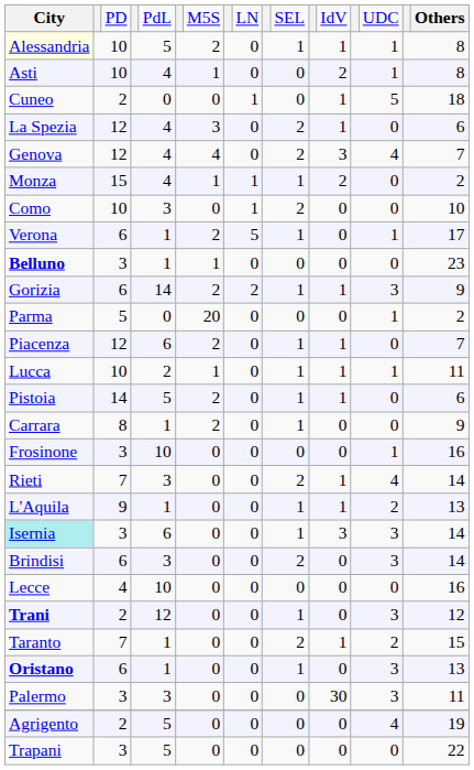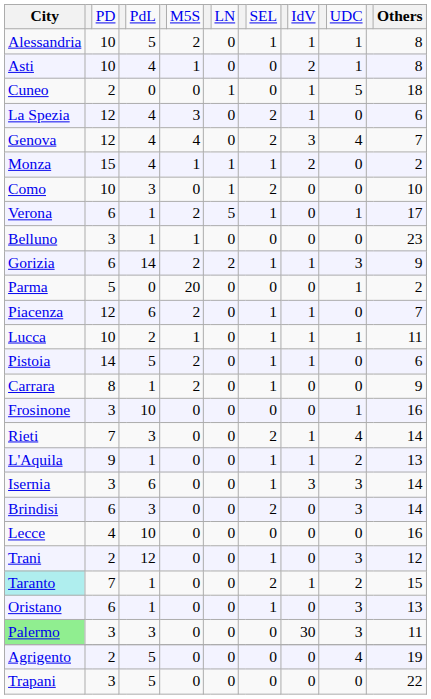 <table class="wikitable" style="text-align:right; padding-left:1em">
 <tr>
 <th align="left">City</th>
 <th style="background-color: "></th>
 <td><a href='#'>PD</a></td>
 <th style="background-color: "></th>
 <td><a href='#'>PdL</a></td>
 <th style="background-color: "></th>
 <td><a href='#'>M5S</a></td>
 <th style="background-color: "></th>
 <td><a href='#'>LN</a></td>
 <th style="background-color: "></th>
 <td><a href='#'>SEL</a></td>
 <th style="background-color: "></th>
 <td><a href='#'>IdV</a></td>
 <th style="background-color: "></th>
 <td><a href='#'>UDC</a></td>
 <th style="background-color: "></th>
 <th>Others</th>
 </tr>
 <tr>
-<td align=left style="background: lightyellow;"><a href='#'>Alessandria</a></td>
+<td align=left><a href='#'>Alessandria</a></td>
 <td colspan=2>10</td>
 <td colspan=2>5</td>
 <td colspan=2>2</td>
 <td colspan=2>0</td>
 <td colspan=2>1</td>
 <td colspan=2>1</td>
 <td colspan=2>1</td>
 <td colspan=2>8</td>
 </tr>
 <tr bgcolor=F3F3FF>
 <td align=left><a href='#'>Asti</a></td>
 <td colspan=2>10</td>
 <td colspan=2>4</td>
 <td colspan=2>1</td>
 <td colspan=2>0</td>
 <td colspan=2>0</td>
 <td colspan=2>2</td>
 <td colspan=2>1</td>
 <td colspan=2>8</td>
 </tr>
 <tr>
 <td align=left><a href='#'>Cuneo</a></td>
 <td colspan=2>2</td>
 <td colspan=2>0</td>
 <td colspan=2>0</td>
 <td colspan=2>1</td>
 <td colspan=2>0</td>
 <td colspan=2>1</td>
 <td colspan=2>5</td>
 <td colspan=2>18</td>
 </tr>
 <tr bgcolor=F3F3FF>
 <td align=left><a href='#'>La Spezia</a></td>
 <td colspan=2>12</td>
 <td colspan=2>4</td>
 <td colspan=2>3</td>
 <td colspan=2>0</td>
 <td colspan=2>2</td>
 <td colspan=2>1</td>
 <td colspan=2>0</td>
 <td colspan=2>6</td>
 </tr>
 <tr>
 <td align=left><a href='#'>Genova</a></td>
 <td colspan=2>12</td>
 <td colspan=2>4</td>
 <td colspan=2>4</td>
 <td colspan=2>0</td>
 <td colspan=2>2</td>
 <td colspan=2>3</td>
 <td colspan=2>4</td>
 <td colspan=2>7</td>
 </tr>
 <tr bgcolor=F3F3FF>
 <td align=left><a href='#'>Monza</a></td>
 <td colspan=2>15</td>
 <td colspan=2>4</td>
 <td colspan=2>1</td>
 <td colspan=2>1</td>
 <td colspan=2>1</td>
 <td colspan=2>2</td>
 <td colspan=2>0</td>
 <td colspan=2>2</td>
 </tr>
 <tr>
 <td align=left><a href='#'>Como</a></td>
 <td colspan=2>10</td>
 <td colspan=2>3</td>
 <td colspan=2>0</td>
 <td colspan=2>1</td>
 <td colspan=2>2</td>
 <td colspan=2>0</td>
 <td colspan=2>0</td>
 <td colspan=2>10</td>
 </tr>
 <tr bgcolor=F3F3FF>
 <td align=left><a href='#'>Verona</a></td>
 <td colspan=2>6</td>
 <td colspan=2>1</td>
 <td colspan=2>2</td>
 <td colspan=2>5</td>
 <td colspan=2>1</td>
 <td colspan=2>0</td>
 <td colspan=2>1</td>
 <td colspan=2>17</td>
 </tr>
 <tr>
-<td align=left><strong><a href='#'>Belluno</a></strong></td>
+<td align=left><a href='#'>Belluno</a></td>
 <td colspan=2>3</td>
 <td colspan=2>1</td>
 <td colspan=2>1</td>
 <td colspan=2>0</td>
 <td colspan=2>0</td>
 <td colspan=2>0</td>
 <td colspan=2>0</td>
 <td colspan=2>23</td>
 </tr>
 <tr bgcolor=F3F3FF>
 <td align=left><a href='#'>Gorizia</a></td>
 <td colspan=2>6</td>
 <td colspan=2>14</td>
 <td colspan=2>2</td>
 <td colspan=2>2</td>
 <td colspan=2>1</td>
 <td colspan=2>1</td>
 <td colspan=2>3</td>
 <td colspan=2>9</td>
 </tr>
 <tr>
 <td align=left><a href='#'>Parma</a></td>
 <td colspan=2>5</td>
 <td colspan=2>0</td>
 <td colspan=2>20</td>
 <td colspan=2>0</td>
 <td colspan=2>0</td>
 <td colspan=2>0</td>
 <td colspan=2>1</td>
 <td colspan=2>2</td>
 </tr>
 <tr bgcolor=F3F3FF>
 <td align=left><a href='#'>Piacenza</a></td>
 <td colspan=2>12</td>
 <td colspan=2>6</td>
 <td colspan=2>2</td>
 <td colspan=2>0</td>
 <td colspan=2>1</td>
 <td colspan=2>1</td>
 <td colspan=2>0</td>
 <td colspan=2>7</td>
 </tr>
 <tr>
 <td align=left><a href='#'>Lucca</a></td>
 <td colspan=2>10</td>
 <td colspan=2>2</td>
 <td colspan=2>1</td>
 <td colspan=2>0</td>
 <td colspan=2>1</td>
 <td colspan=2>1</td>
 <td colspan=2>1</td>
 <td colspan=2>11</td>
 </tr>
 <tr bgcolor=F3F3FF>
 <td align=left><a href='#'>Pistoia</a></td>
 <td colspan=2>14</td>
 <td colspan=2>5</td>
 <td colspan=2>2</td>
 <td colspan=2>0</td>
 <td colspan=2>1</td>
 <td colspan=2>1</td>
 <td colspan=2>0</td>
 <td colspan=2>6</td>
 </tr>
 <tr>
 <td align=left><a href='#'>Carrara</a></td>
 <td colspan=2>8</td>
 <td colspan=2>1</td>
 <td colspan=2>2</td>
 <td colspan=2>0</td>
 <td colspan=2>1</td>
 <td colspan=2>0</td>
 <td colspan=2>0</td>
 <td colspan=2>9</td>
 </tr>
 <tr bgcolor=F3F3FF>
 <td align=left><a href='#'>Frosinone</a></td>
 <td colspan=2>3</td>
 <td colspan=2>10</td>
 <td colspan=2>0</td>
 <td colspan=2>0</td>
 <td colspan=2>0</td>
 <td colspan=2>0</td>
 <td colspan=2>1</td>
 <td colspan=2>16</td>
 </tr>
 <tr>
 <td align=left><a href='#'>Rieti</a></td>
 <td colspan=2>7</td>
 <td colspan=2>3</td>
 <td colspan=2>0</td>
 <td colspan=2>0</td>
 <td colspan=2>2</td>
 <td colspan=2>1</td>
 <td colspan=2>4</td>
 <td colspan=2>14</td>
 </tr>
 <tr bgcolor=F3F3FF>
 <td align=left><a href='#'>L'Aquila</a></td>
 <td colspan=2>9</td>
 <td colspan=2>1</td>
 <td colspan=2>0</td>
 <td colspan=2>0</td>
 <td colspan=2>1</td>
 <td colspan=2>1</td>
 <td colspan=2>2</td>
 <td colspan=2>13</td>
 </tr>
 <tr>
-<td align=left style="background: paleturquoise;"><a href='#'>Isernia</a></td>
+<td align=left><a href='#'>Isernia</a></td>
 <td colspan=2>3</td>
 <td colspan=2>6</td>
 <td colspan=2>0</td>
 <td colspan=2>0</td>
 <td colspan=2>1</td>
 <td colspan=2>3</td>
 <td colspan=2>3</td>
 <td colspan=2>14</td>
 </tr>
 <tr bgcolor=F3F3FF>
 <td align=left><a href='#'>Brindisi</a></td>
 <td colspan=2>6</td>
 <td colspan=2>3</td>
 <td colspan=2>0</td>
 <td colspan=2>0</td>
 <td colspan=2>2</td>
 <td colspan=2>0</td>
 <td colspan=2>3</td>
 <td colspan=2>14</td>
 </tr>
 <tr>
 <td align=left><a href='#'>Lecce</a></td>
 <td colspan=2>4</td>
 <td colspan=2>10</td>
 <td colspan=2>0</td>
 <td colspan=2>0</td>
 <td colspan=2>0</td>
 <td colspan=2>0</td>
 <td colspan=2>0</td>
 <td colspan=2>16</td>
 </tr>
 <tr bgcolor=F3F3FF>
-<td align=left><strong><a href='#'>Trani</a></strong></td>
+<td align=left><a href='#'>Trani</a></td>
 <td colspan=2>2</td>
 <td colspan=2>12</td>
 <td colspan=2>0</td>
 <td colspan=2>0</td>
 <td colspan=2>1</td>
 <td colspan=2>0</td>
 <td colspan=2>3</td>
 <td colspan=2>12</td>
 </tr>
 <tr>
-<td align=left><a href='#'>Taranto</a></td>
+<td align=left style="background: paleturquoise;"><a href='#'>Taranto</a></td>
 <td colspan=2>7</td>
 <td colspan=2>1</td>
 <td colspan=2>0</td>
 <td colspan=2>0</td>
 <td colspan=2>2</td>
 <td colspan=2>1</td>
 <td colspan=2>2</td>
 <td colspan=2>15</td>
 </tr>
 <tr bgcolor=F3F3FF>
-<td align=left><strong><a href='#'>Oristano</a></strong></td>
+<td align=left><a href='#'>Oristano</a></td>
 <td colspan=2>6</td>
 <td colspan=2>1</td>
 <td colspan=2>0</td>
 <td colspan=2>0</td>
 <td colspan=2>1</td>
 <td colspan=2>0</td>
 <td colspan=2>3</td>
 <td colspan=2>13</td>
 </tr>
 <tr>
-<td align=left><a href='#'>Palermo</a></td>
+<td align=left style="background: lightgreen;"><a href='#'>Palermo</a></td>
 <td colspan=2>3</td>
 <td colspan=2>3</td>
 <td colspan=2>0</td>
 <td colspan=2>0</td>
 <td colspan=2>0</td>
 <td colspan=2>30</td>
 <td colspan=2>3</td>
 <td colspan=2>11</td>
 </tr>
 <tr>
 </tr>
 <tr bgcolor=F3F3FF>
 <td align=left><a href='#'>Agrigento</a></td>
 <td colspan=2>2</td>
 <td colspan=2>5</td>
 <td colspan=2>0</td>
 <td colspan=2>0</td>
 <td colspan=2>0</td>
 <td colspan=2>0</td>
 <td colspan=2>4</td>
 <td colspan=2>19</td>
 </tr>
 <tr>
 <td align=left><a href='#'>Trapani</a></td>
 <td colspan=2>3</td>
 <td colspan=2>5</td>
 <td colspan=2>0</td>
 <td colspan=2>0</td>
 <td colspan=2>0</td>
 <td colspan=2>0</td>
 <td colspan=2>0</td>
 <td colspan=2>22</td>
 </tr>
 </table>
